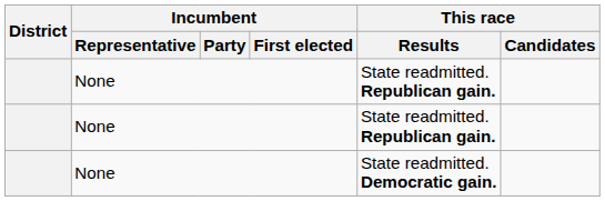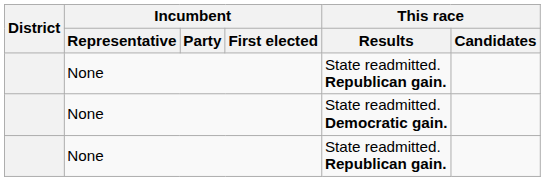 <table class=wikitable>
 <tr>
 <th rowspan=2>District</th>
 <th colspan=3>Incumbent</th>
 <th colspan=2>This race</th>
 </tr>
 <tr>
 <th>Representative</th>
 <th>Party</th>
 <th>First elected</th>
 <th>Results</th>
 <th>Candidates</th>
 </tr>
 <tr>
 <th></th>
 <td colspan=3>None</td>
 <td>State readmitted.<br><strong>Republican gain.</strong></td>
 <td nowrap></td>
 </tr>
 <tr>
 <th></th>
 <td colspan=3>None</td>
-<td>State readmitted.<br><strong>Republican gain.</strong></td>
+<td>State readmitted.<br><strong>Democratic gain.</strong></td>
 <td nowrap></td>
 </tr>
 <tr>
 <th></th>
 <td colspan=3>None</td>
-<td>State readmitted.<br><strong>Democratic gain.</strong></td>
+<td>State readmitted.<br><strong>Republican gain.</strong></td>
 <td nowrap></td>
 </tr>
 </table>
